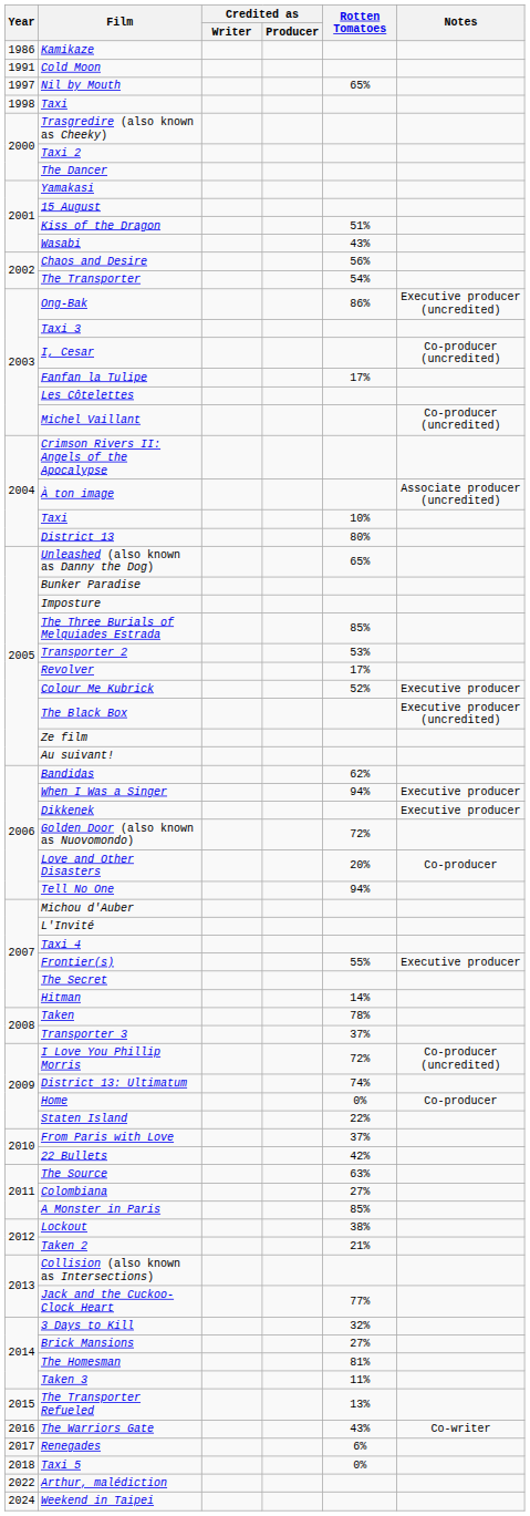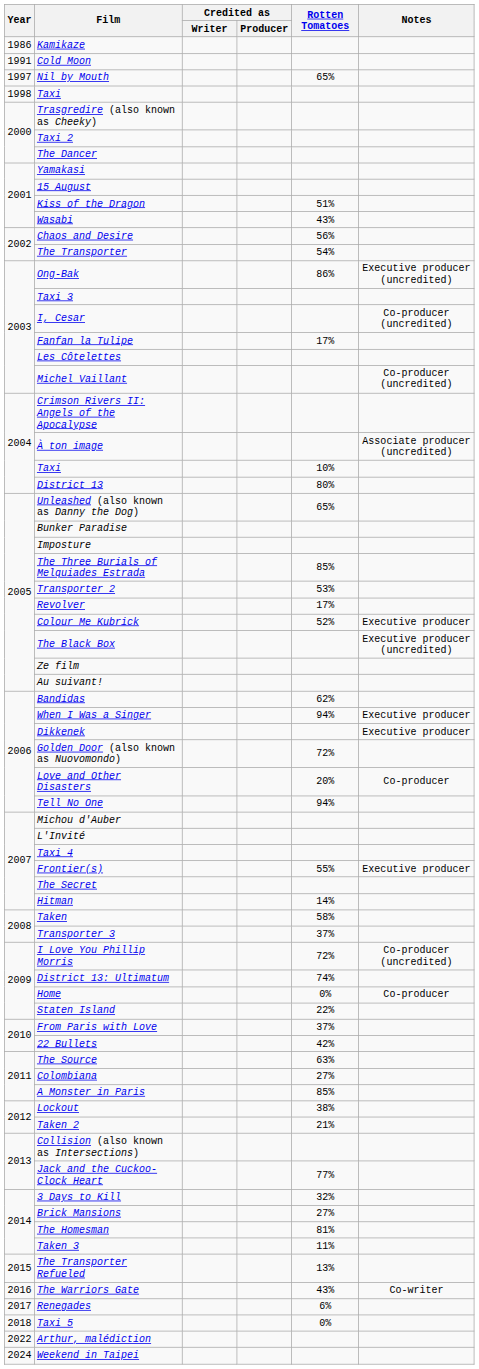 <table class="wikitable sortable">
 <tr>
 <th rowspan="2" width="33">Year</th>
 <th rowspan="2">Film</th>
 <th colspan="2">Credited as</th>
 <th rowspan="2"><a href='#'>Rotten Tomatoes</a></th>
 <th rowspan="2">Notes</th>
 </tr>
 <tr>
 <th width="65">Writer</th>
 <th width="65">Producer</th>
 </tr>
 <tr align="center">
 <td align="center">1986</td>
 <td align="left"><em><a href='#'>Kamikaze</a></em></td>
 <td></td>
 <td></td>
 <td></td>
 <td></td>
 </tr>
 <tr align="center">
 <td>1991</td>
 <td align="left"><em><a href='#'>Cold Moon</a></em></td>
 <td></td>
 <td></td>
 <td></td>
 <td></td>
 </tr>
 <tr align="center">
 <td align="center">1997</td>
 <td align="left"><em><a href='#'>Nil by Mouth</a></em></td>
 <td></td>
 <td></td>
 <td>65%</td>
 <td></td>
 </tr>
 <tr align="center">
 <td align="center">1998</td>
 <td align="left"><em><a href='#'>Taxi</a></em></td>
 <td></td>
 <td></td>
 <td></td>
 <td></td>
 </tr>
 <tr align="center">
 <td rowspan="3" align="center">2000</td>
 <td align="left"><em><a href='#'>Trasgredire</a></em> (also known as <em>Cheeky</em>)</td>
 <td></td>
 <td></td>
 <td></td>
 <td></td>
 </tr>
 <tr align="center">
 <td align="left"><em><a href='#'>Taxi 2</a></em></td>
 <td></td>
 <td></td>
 <td></td>
 <td></td>
 </tr>
 <tr align="center">
 <td align="left"><em><a href='#'>The Dancer</a></em></td>
 <td></td>
 <td></td>
 <td></td>
 <td></td>
 </tr>
 <tr align="center">
 <td rowspan="4" align="center">2001</td>
 <td align="left"><em><a href='#'>Yamakasi</a></em></td>
 <td></td>
 <td></td>
 <td></td>
 <td></td>
 </tr>
 <tr align="center">
 <td align="left"><em><a href='#'>15 August</a></em></td>
 <td></td>
 <td></td>
 <td></td>
 <td></td>
 </tr>
 <tr align="center">
 <td align="left"><em><a href='#'>Kiss of the Dragon</a></em></td>
 <td></td>
 <td></td>
 <td>51%</td>
 <td></td>
 </tr>
 <tr align="center">
 <td align="left"><em><a href='#'>Wasabi</a></em></td>
 <td></td>
 <td></td>
 <td>43%</td>
 <td></td>
 </tr>
 <tr align="center">
 <td rowspan="2" align="center">2002</td>
 <td align="left"><em><a href='#'>Chaos and Desire</a></em></td>
 <td></td>
 <td></td>
 <td>56%</td>
 <td></td>
 </tr>
 <tr align="center">
 <td align="left"><em><a href='#'>The Transporter</a></em></td>
 <td></td>
 <td></td>
 <td>54%</td>
 <td></td>
 </tr>
 <tr align="center">
 <td rowspan="6" align="center">2003</td>
 <td align="left"><em><a href='#'>Ong-Bak</a></em></td>
 <td></td>
 <td></td>
 <td>86%</td>
 <td>Executive producer (uncredited)</td>
 </tr>
 <tr align="center">
 <td align="left"><em><a href='#'>Taxi 3</a></em></td>
 <td></td>
 <td></td>
 <td></td>
 <td></td>
 </tr>
 <tr align="center">
 <td align="left"><em><a href='#'>I, Cesar</a></em></td>
 <td></td>
 <td></td>
 <td></td>
 <td>Co-producer (uncredited)</td>
 </tr>
 <tr align="center">
 <td align="left"><em><a href='#'>Fanfan la Tulipe</a></em></td>
 <td></td>
 <td></td>
 <td>17%</td>
 <td></td>
 </tr>
 <tr align="center">
 <td align="left"><em><a href='#'>Les Côtelettes</a></em></td>
 <td></td>
 <td></td>
 <td></td>
 <td></td>
 </tr>
 <tr align="center">
 <td align="left"><em><a href='#'>Michel Vaillant</a></em></td>
 <td></td>
 <td></td>
 <td></td>
 <td>Co-producer (uncredited)</td>
 </tr>
 <tr align="center">
 <td rowspan="4" align="center">2004</td>
 <td align="left"><em><a href='#'>Crimson Rivers II: Angels of the Apocalypse</a></em></td>
 <td></td>
 <td></td>
 <td></td>
 <td></td>
 </tr>
 <tr align="center">
 <td align="left"><em><a href='#'>À ton image</a></em></td>
 <td></td>
 <td></td>
 <td></td>
 <td>Associate producer (uncredited)</td>
 </tr>
 <tr align="center">
 <td align="left"><em><a href='#'>Taxi</a></em></td>
 <td></td>
 <td></td>
 <td>10%</td>
 <td></td>
 </tr>
 <tr align="center">
 <td align="left"><em><a href='#'>District 13</a></em></td>
 <td></td>
 <td></td>
 <td>80%</td>
 <td></td>
 </tr>
 <tr align="center">
 <td rowspan="10" align="center">2005</td>
 <td align="left"><em><a href='#'>Unleashed</a></em> (also known as <em>Danny the Dog</em>)</td>
 <td></td>
 <td></td>
 <td>65%</td>
 <td></td>
 </tr>
 <tr align="center">
 <td align="left"><em>Bunker Paradise</em></td>
 <td></td>
 <td></td>
 <td></td>
 <td></td>
 </tr>
 <tr align="center">
 <td align="left"><em>Imposture</em></td>
 <td></td>
 <td></td>
 <td></td>
 <td></td>
 </tr>
 <tr align="center">
 <td align="left"><em><a href='#'>The Three Burials of Melquiades Estrada</a></em></td>
 <td></td>
 <td></td>
 <td>85%</td>
 <td></td>
 </tr>
 <tr align="center">
 <td align="left"><em><a href='#'>Transporter 2</a></em></td>
 <td></td>
 <td></td>
 <td>53%</td>
 <td></td>
 </tr>
 <tr align="center">
 <td align="left"><em><a href='#'>Revolver</a></em></td>
 <td></td>
 <td></td>
 <td>17%</td>
 <td></td>
 </tr>
 <tr align="center">
 <td align="left"><em><a href='#'>Colour Me Kubrick</a></em></td>
 <td></td>
 <td></td>
 <td>52%</td>
 <td>Executive producer</td>
 </tr>
 <tr align="center">
 <td align="left"><em><a href='#'>The Black Box</a></em></td>
 <td></td>
 <td></td>
 <td></td>
 <td>Executive producer (uncredited)</td>
 </tr>
 <tr align="center">
 <td align="left"><em>Ze film</em></td>
 <td></td>
 <td></td>
 <td></td>
 <td></td>
 </tr>
 <tr align="center">
 <td align="left"><em>Au suivant!</em></td>
 <td></td>
 <td></td>
 <td></td>
 <td></td>
 </tr>
 <tr align="center">
 <td rowspan="6">2006</td>
 <td align="left"><em><a href='#'>Bandidas</a></em></td>
 <td></td>
 <td></td>
 <td>62%</td>
 <td></td>
 </tr>
 <tr align="center">
 <td align="left"><em><a href='#'>When I Was a Singer</a></em></td>
 <td></td>
 <td></td>
 <td>94%</td>
 <td>Executive producer</td>
 </tr>
 <tr align="center">
 <td align="left"><em><a href='#'>Dikkenek</a></em></td>
 <td></td>
 <td></td>
 <td></td>
 <td>Executive producer</td>
 </tr>
 <tr align="center">
 <td align="left"><em><a href='#'>Golden Door</a></em> (also known as <em>Nuovomondo</em>)</td>
 <td></td>
 <td></td>
 <td>72%</td>
 <td></td>
 </tr>
 <tr align="center">
 <td align="left"><em><a href='#'>Love and Other Disasters</a></em></td>
 <td></td>
 <td></td>
 <td>20%</td>
 <td>Co-producer</td>
 </tr>
 <tr align="center">
 <td align="left"><em><a href='#'>Tell No One</a></em></td>
 <td></td>
 <td></td>
 <td>94%</td>
 <td></td>
 </tr>
 <tr align="center">
 <td rowspan="6" align="center">2007</td>
 <td align="left"><em>Michou d'Auber</em></td>
 <td></td>
 <td></td>
 <td></td>
 <td></td>
 </tr>
 <tr align="center">
 <td align="left"><em>L'Invité</em></td>
 <td></td>
 <td></td>
 <td></td>
 <td></td>
 </tr>
 <tr align="center">
 <td align="left"><em><a href='#'>Taxi 4</a></em></td>
 <td></td>
 <td></td>
 <td></td>
 <td></td>
 </tr>
 <tr align="center">
 <td align="left"><em><a href='#'>Frontier(s)</a></em></td>
 <td></td>
 <td></td>
 <td>55%</td>
 <td>Executive producer</td>
 </tr>
 <tr align="center">
 <td align="left"><em><a href='#'>The Secret</a></em></td>
 <td></td>
 <td></td>
 <td></td>
 <td></td>
 </tr>
 <tr align="center">
 <td align="left"><em><a href='#'>Hitman</a></em></td>
 <td></td>
 <td></td>
 <td>14%</td>
 <td></td>
 </tr>
 <tr align="center">
 <td rowspan="2" align="center">2008</td>
 <td align="left"><em><a href='#'>Taken</a></em></td>
 <td></td>
 <td></td>
-<td>78%</td>
+<td>58%</td>
 <td></td>
 </tr>
 <tr align="center">
 <td align="left"><em><a href='#'>Transporter 3</a></em></td>
 <td></td>
 <td></td>
 <td>37%</td>
 <td></td>
 </tr>
 <tr align="center">
 <td rowspan="4" align="center">2009</td>
 <td align="left"><em><a href='#'>I Love You Phillip Morris</a></em></td>
 <td></td>
 <td></td>
 <td>72%</td>
 <td>Co-producer (uncredited)</td>
 </tr>
 <tr align="center">
 <td align="left"><em><a href='#'>District 13: Ultimatum</a></em></td>
 <td></td>
 <td></td>
 <td>74%</td>
 <td></td>
 </tr>
 <tr align="center">
 <td align="left"><em><a href='#'>Home</a></em></td>
 <td></td>
 <td></td>
 <td>0%</td>
 <td>Co-producer</td>
 </tr>
 <tr align="center">
 <td align="left"><em><a href='#'>Staten Island</a></em></td>
 <td></td>
 <td></td>
 <td>22%</td>
 <td></td>
 </tr>
 <tr align="center">
 <td rowspan="2" align="center">2010</td>
 <td align="left"><em><a href='#'>From Paris with Love</a></em></td>
 <td></td>
 <td></td>
 <td>37%</td>
 <td></td>
 </tr>
 <tr align="center">
 <td align="left"><em><a href='#'>22 Bullets</a></em></td>
 <td></td>
 <td></td>
 <td>42%</td>
 <td></td>
 </tr>
 <tr align="center">
 <td rowspan="3">2011</td>
 <td align="left"><em><a href='#'>The Source</a></em></td>
 <td></td>
 <td></td>
 <td>63%</td>
 <td></td>
 </tr>
 <tr align="center">
 <td align="left"><em><a href='#'>Colombiana</a></em></td>
 <td></td>
 <td></td>
 <td>27%</td>
 <td></td>
 </tr>
 <tr align="center">
 <td align="left"><em><a href='#'>A Monster in Paris</a></em></td>
 <td></td>
 <td></td>
 <td>85%</td>
 <td></td>
 </tr>
 <tr align-"center">
 <td rowspan="2" align="center">2012</td>
 <td align="left"><em><a href='#'>Lockout</a></em></td>
 <td></td>
 <td></td>
 <td align="center">38%</td>
 <td></td>
 </tr>
 <tr align="center">
 <td align="left"><em><a href='#'>Taken 2</a></em></td>
 <td></td>
 <td></td>
 <td>21%</td>
 <td></td>
 </tr>
 <tr align="center">
 <td rowspan="2" align="center">2013</td>
 <td align="left"><em><a href='#'>Collision</a></em> (also known as <em>Intersections</em>)</td>
 <td></td>
 <td></td>
 <td></td>
 <td></td>
 </tr>
 <tr align="center">
 <td align="left"><em><a href='#'>Jack and the Cuckoo-Clock Heart</a></em></td>
 <td></td>
 <td></td>
 <td>77%</td>
 <td></td>
 </tr>
 <tr align="center">
 <td rowspan="4" align="center">2014</td>
 <td align="left"><em><a href='#'>3 Days to Kill</a></em></td>
 <td></td>
 <td></td>
 <td>32%</td>
 <td></td>
 </tr>
 <tr align="center">
 <td align="left"><em><a href='#'>Brick Mansions</a></em></td>
 <td></td>
 <td></td>
 <td>27%</td>
 <td></td>
 </tr>
 <tr align="center">
 <td align="left"><em><a href='#'>The Homesman</a></em></td>
 <td></td>
 <td></td>
 <td>81%</td>
 <td></td>
 </tr>
 <tr align="center">
 <td align="left"><em><a href='#'>Taken 3</a></em></td>
 <td></td>
 <td></td>
 <td>11%</td>
 <td></td>
 </tr>
 <tr align="center">
 <td align="center">2015</td>
 <td align="left"><em><a href='#'>The Transporter Refueled</a></em></td>
 <td></td>
 <td></td>
 <td>13%</td>
 <td></td>
 </tr>
 <tr align="center">
 <td rowspan="1" align="center">2016<br> </td>
 <td align="left"><em><a href='#'>The Warriors Gate</a></em></td>
 <td></td>
 <td></td>
 <td align="center">43%</td>
 <td align="center">Co-writer</td>
 </tr>
 <tr>
 <td align="center">2017</td>
 <td><em><a href='#'>Renegades</a></em></td>
 <td></td>
 <td></td>
 <td align="center">6%</td>
 <td></td>
 </tr>
 <tr>
 <td align="center">2018</td>
 <td><em><a href='#'>Taxi 5</a></em></td>
 <td></td>
 <td></td>
 <td align="center">0%</td>
 <td></td>
 </tr>
 <tr>
 <td align="center">2022</td>
 <td><em><a href='#'>Arthur, malédiction</a></em></td>
 <td></td>
 <td></td>
 <td align="center"></td>
 <td></td>
 </tr>
 <tr>
 <td align="center">2024</td>
 <td><em><a href='#'>Weekend in Taipei</a></em></td>
 <td></td>
 <td></td>
 <td align="center"></td>
 <td></td>
 </tr>
 </table>
